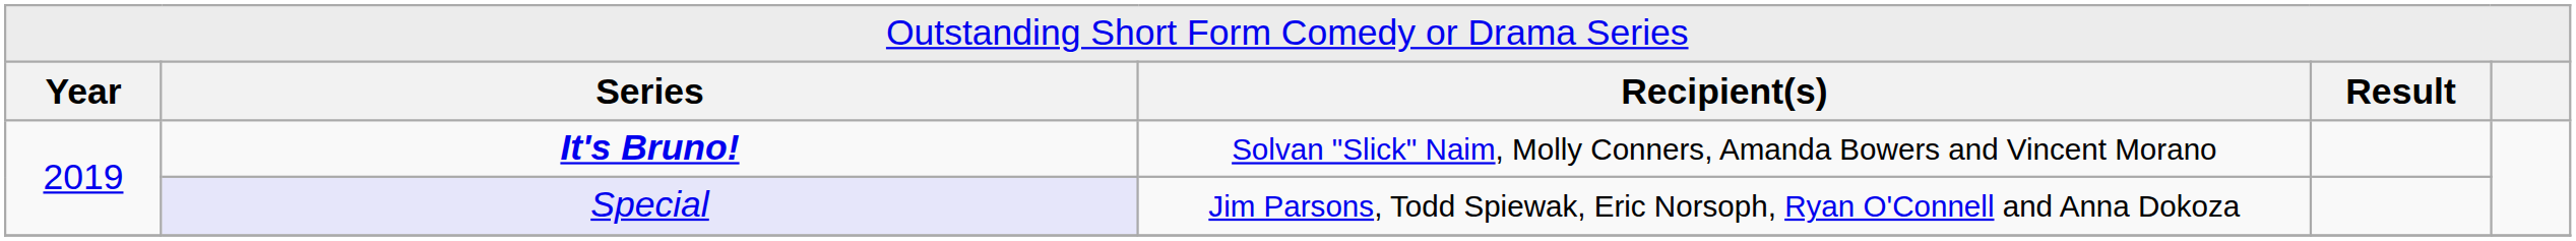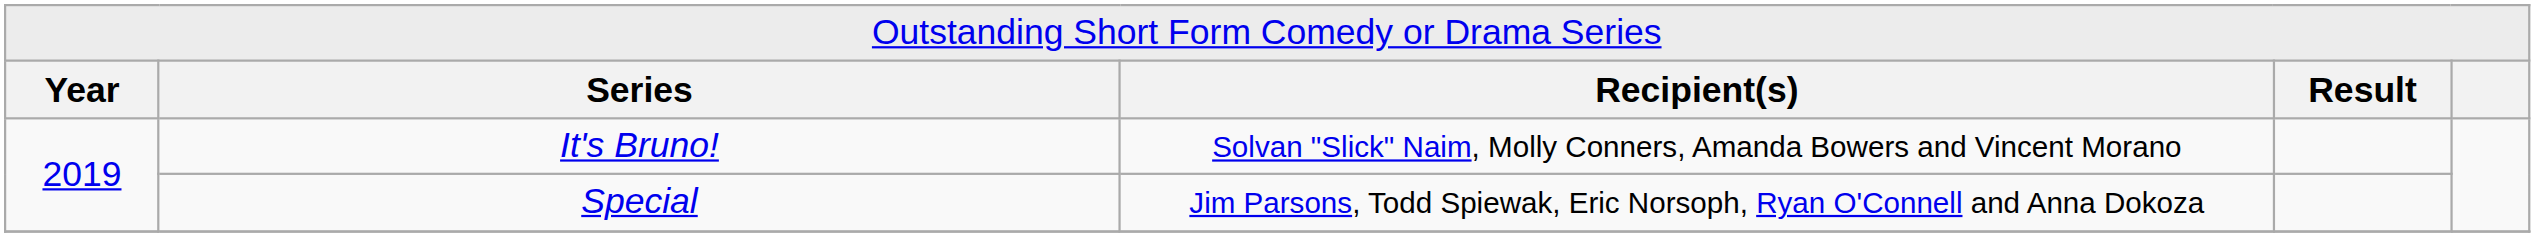 <table class="wikitable plainrowheaders" style="font-size: 100%" width=90%>
 <tr>
 <td style="background: #ececec; color:grey; text-align:center;" colspan="10"><a href='#'>Outstanding Short Form Comedy or Drama Series</a></td>
 </tr>
 <tr>
 <th width="4%">Year</th>
 <th width="25%">Series</th>
 <th width="30%">Recipient(s)</th>
 <th width="4%">Result</th>
 <th width="2%"></th>
 </tr>
 <tr>
 <td style="text-align:center;" rowspan="2"><a href='#'>2019</a></td>
-<td style="text-align:center;"><strong><em><a href='#'>It's Bruno!</a></em></strong></td>
+<td style="text-align:center;"><em><a href='#'>It's Bruno!</a></em></td>
 <td style="text-align:center;"><small><a href='#'>Solvan "Slick" Naim</a>, Molly Conners, Amanda Bowers and Vincent Morano</small></td>
 <td></td>
 <td style="text-align:center;" rowspan="2"></td>
 </tr>
 <tr>
-<td style="background: lavender; text-align:center;"><em><a href='#'>Special</a></em></td>
+<td style="text-align:center;"><em><a href='#'>Special</a></em></td>
 <td style="text-align:center;"><small><a href='#'>Jim Parsons</a>, Todd Spiewak, Eric Norsoph, <a href='#'>Ryan O'Connell</a> and Anna Dokoza</small></td>
 <td></td>
 </tr>
 <tr>
 </tr>
 </table>
